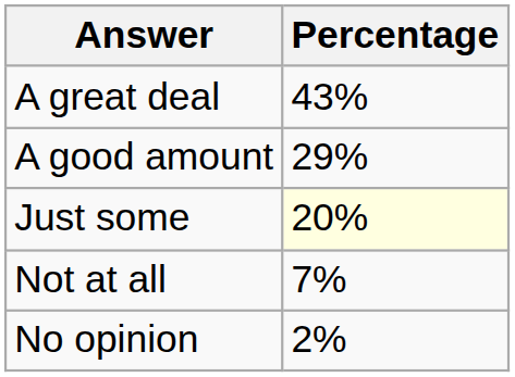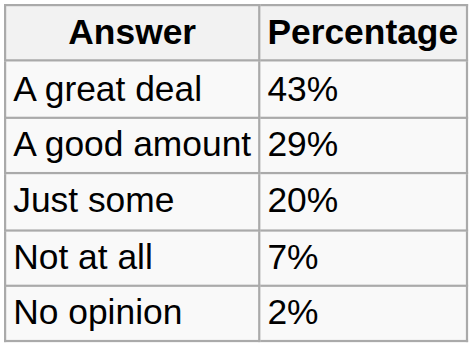 <table class="wikitable">
 <tr>
 <th>Answer</th>
 <th>Percentage</th>
 </tr>
 <tr>
 <td>A great deal</td>
 <td>43%</td>
 </tr>
 <tr>
 <td>A good amount</td>
 <td>29%</td>
 </tr>
 <tr>
 <td>Just some</td>
-<td style="background: lightyellow;">20%</td>
+<td>20%</td>
 </tr>
 <tr>
 <td>Not at all</td>
 <td>7%</td>
 </tr>
 <tr>
 <td>No opinion</td>
 <td>2%</td>
 </tr>
 </table>
